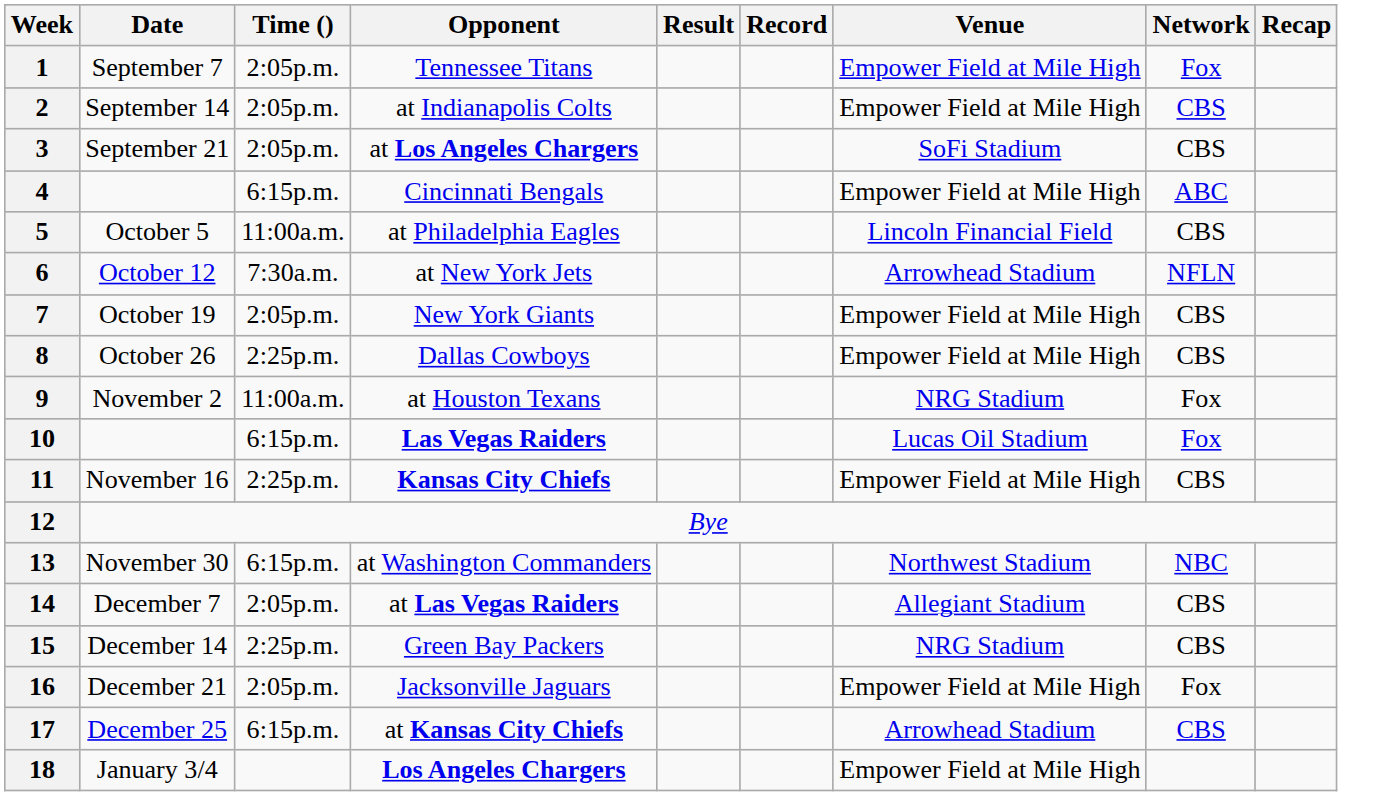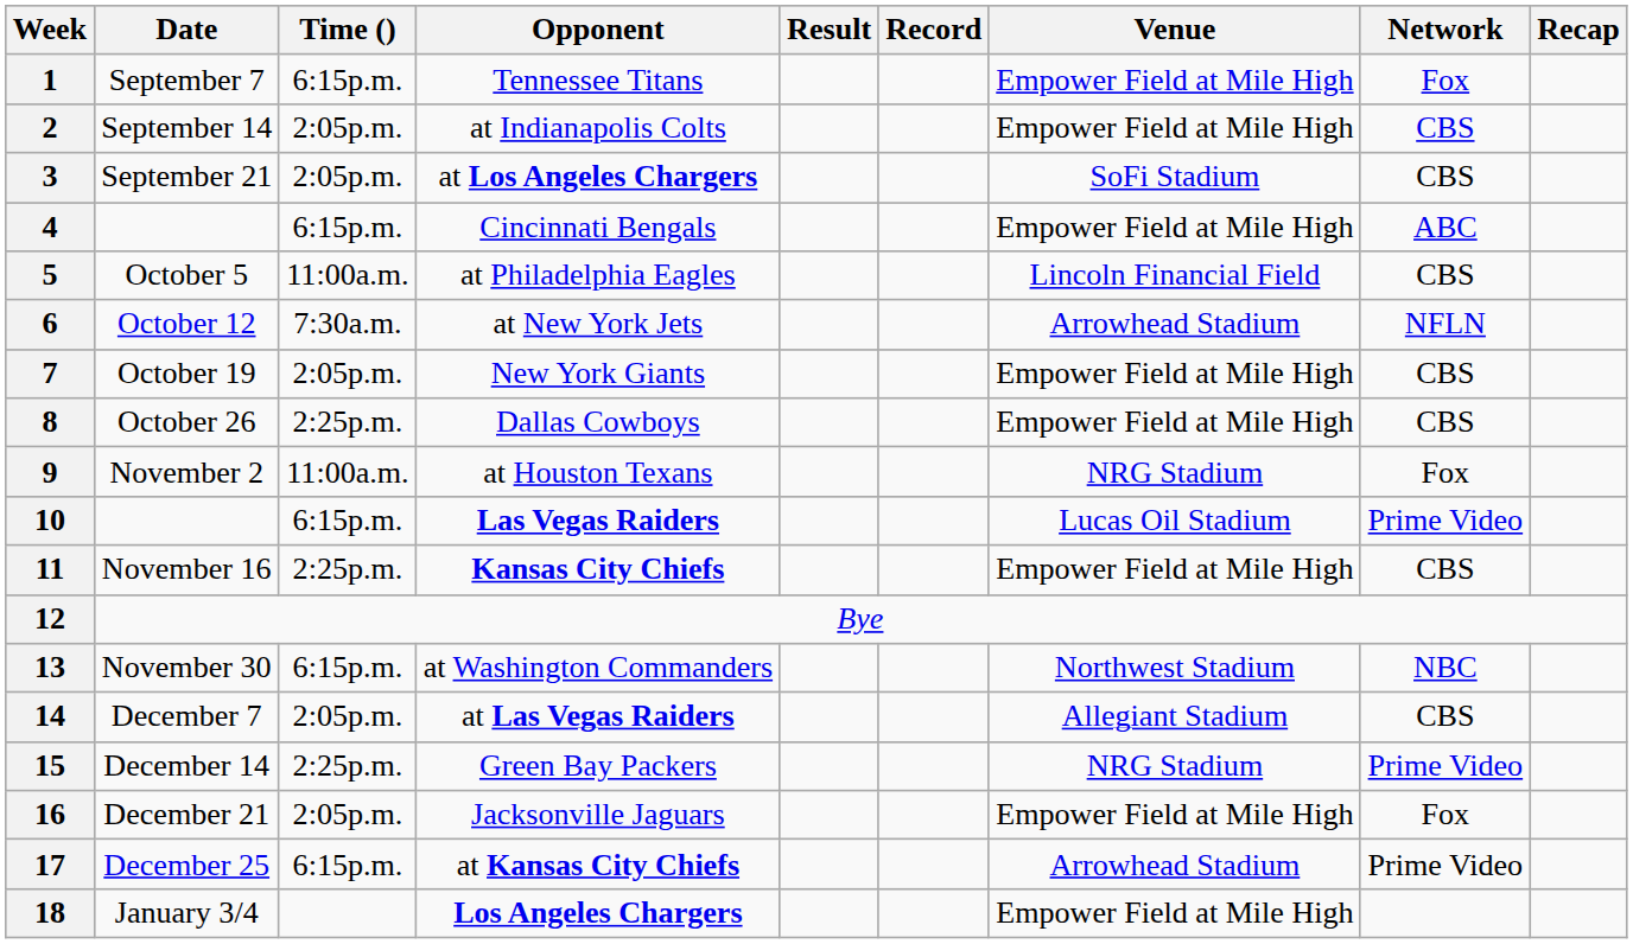 <table class="wikitable" style="text-align:center">
 <tr>
 <th>Week</th>
 <th>Date</th>
 <th>Time (<a href='#'></a>)</th>
 <th>Opponent</th>
 <th>Result</th>
 <th>Record</th>
 <th>Venue</th>
 <th>Network</th>
 <th>Recap</th>
 </tr>
 <tr>
 <th>1 </th>
 <td>September 7</td>
-<td>2:05p.m.</td>
+<td>6:15p.m.</td>
 <td><a href='#'>Tennessee Titans</a></td>
 <td></td>
 <td></td>
 <td><a href='#'>Empower Field at Mile High</a></td>
 <td><a href='#'>Fox</a></td>
 <td></td>
 </tr>
 <tr>
 <th>2 </th>
 <td>September 14</td>
 <td>2:05p.m.</td>
 <td>at <a href='#'>Indianapolis Colts</a></td>
 <td></td>
 <td></td>
 <td>Empower Field at Mile High</td>
 <td><a href='#'>CBS</a></td>
 <td></td>
 </tr>
 <tr>
 <th>3 </th>
 <td>September 21</td>
 <td>2:05p.m.</td>
 <td>at <strong><a href='#'>Los Angeles Chargers</a></strong></td>
 <td></td>
 <td></td>
 <td><a href='#'>SoFi Stadium</a></td>
 <td>CBS</td>
 <td></td>
 </tr>
 <tr>
 <th>4 </th>
 <td></td>
 <td>6:15p.m.</td>
 <td><a href='#'>Cincinnati Bengals</a></td>
 <td></td>
 <td></td>
 <td>Empower Field at Mile High</td>
 <td><a href='#'>ABC</a></td>
 <td></td>
 </tr>
 <tr>
 <th>5 </th>
 <td>October 5</td>
 <td>11:00a.m.</td>
 <td>at <a href='#'>Philadelphia Eagles</a></td>
 <td></td>
 <td></td>
 <td><a href='#'>Lincoln Financial Field</a></td>
 <td>CBS</td>
 <td></td>
 </tr>
 <tr>
 <th>6 </th>
 <td><a href='#'>October 12</a></td>
 <td>7:30a.m.</td>
 <td>at <a href='#'>New York Jets</a></td>
 <td></td>
 <td></td>
 <td><a href='#'>Arrowhead Stadium</a></td>
 <td><a href='#'>NFLN</a></td>
 <td></td>
 </tr>
 <tr>
 <th>7 </th>
 <td>October 19</td>
 <td>2:05p.m.</td>
 <td><a href='#'>New York Giants</a></td>
 <td></td>
 <td></td>
 <td>Empower Field at Mile High</td>
 <td>CBS</td>
 <td></td>
 </tr>
 <tr>
 <th>8 </th>
 <td>October 26</td>
 <td>2:25p.m.</td>
 <td><a href='#'>Dallas Cowboys</a></td>
 <td></td>
 <td></td>
 <td>Empower Field at Mile High</td>
 <td>CBS</td>
 <td></td>
 </tr>
 <tr>
 <th>9 </th>
 <td>November 2</td>
 <td>11:00a.m.</td>
 <td>at <a href='#'>Houston Texans</a></td>
 <td></td>
 <td></td>
 <td><a href='#'>NRG Stadium</a></td>
 <td>Fox</td>
 <td></td>
 </tr>
 <tr>
 <th>10 </th>
 <td></td>
 <td>6:15p.m.</td>
 <td><strong><a href='#'>Las Vegas Raiders</a></strong></td>
 <td></td>
 <td></td>
 <td><a href='#'>Lucas Oil Stadium</a></td>
-<td><a href='#'>Fox</a></td>
+<td><a href='#'>Prime Video</a></td>
 <td></td>
 </tr>
 <tr>
 <th>11 </th>
 <td>November 16</td>
 <td>2:25p.m.</td>
 <td><strong><a href='#'>Kansas City Chiefs</a></strong></td>
 <td></td>
 <td></td>
 <td>Empower Field at Mile High</td>
 <td>CBS</td>
 <td></td>
 </tr>
 <tr>
 <th>12</th>
 <td colspan=8><em><a href='#'>Bye</a></em></td>
 </tr>
 <tr>
 <th>13 </th>
 <td>November 30</td>
 <td>6:15p.m.</td>
 <td>at <a href='#'>Washington Commanders</a></td>
 <td></td>
 <td></td>
 <td><a href='#'>Northwest Stadium</a></td>
 <td><a href='#'>NBC</a></td>
 <td></td>
 </tr>
 <tr>
 <th>14 </th>
 <td>December 7</td>
 <td>2:05p.m.</td>
 <td>at <strong><a href='#'>Las Vegas Raiders</a></strong></td>
 <td></td>
 <td></td>
 <td><a href='#'>Allegiant Stadium</a></td>
 <td>CBS</td>
 <td></td>
 </tr>
 <tr>
 <th>15 </th>
 <td>December 14</td>
 <td>2:25p.m.</td>
 <td><a href='#'>Green Bay Packers</a></td>
 <td></td>
 <td></td>
 <td><a href='#'>NRG Stadium</a></td>
-<td>CBS</td>
+<td><a href='#'>Prime Video</a></td>
 <td></td>
 </tr>
 <tr>
 <th>16 </th>
 <td>December 21</td>
 <td>2:05p.m.</td>
 <td><a href='#'>Jacksonville Jaguars</a></td>
 <td></td>
 <td></td>
 <td>Empower Field at Mile High</td>
 <td>Fox</td>
 <td></td>
 </tr>
 <tr>
 <th>17 </th>
 <td><a href='#'>December 25</a></td>
 <td>6:15p.m.</td>
 <td>at <strong><a href='#'>Kansas City Chiefs</a></strong></td>
 <td></td>
 <td></td>
 <td><a href='#'>Arrowhead Stadium</a></td>
-<td><a href='#'>CBS</a></td>
+<td>Prime Video</td>
 <td></td>
 </tr>
 <tr>
 <th>18 </th>
 <td>January 3/4</td>
 <td></td>
 <td><strong><a href='#'>Los Angeles Chargers</a></strong></td>
 <td></td>
 <td></td>
 <td>Empower Field at Mile High</td>
 <td></td>
 <td></td>
 </tr>
 </table>
